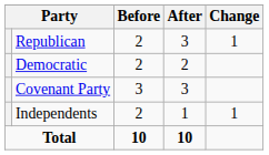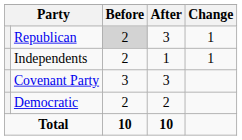 <table class="wikitable" style="text-align:center;">
 <tr>
 </tr>
 <tr>
 <th colspan=2>Party</th>
 <th>Before</th>
 <th>After</th>
 <th>Change</th>
 </tr>
 <tr>
 <th style="background-color:"></th>
 <td style="text-align:left;"><a href='#'>Republican</a></td>
-<td>2</td>
+<td style="background: lightgrey;">2</td>
 <td>3</td>
 <td> 1</td>
 </tr>
 <tr>
 <th style="background-color:"></th>
-<td style="text-align:left;"><a href='#'>Democratic</a></td>
+<td style="text-align:left;">Independents</td>
 <td>2</td>
-<td>2</td>
-<td></td>
+<td>1</td>
+<td> 1</td>
 </tr>
 <tr>
 <th style="background-color:"></th>
 <td style="text-align:left;"><a href='#'>Covenant Party</a></td>
 <td>3</td>
 <td>3</td>
 <td></td>
 </tr>
 <tr>
 <th style="background-color:"></th>
-<td style="text-align:left;">Independents</td>
+<td style="text-align:left;"><a href='#'>Democratic</a></td>
 <td>2</td>
-<td>1</td>
-<td> 1</td>
+<td>2</td>
+<td></td>
 </tr>
 <tr>
 <td colspan=2><strong>Total</strong></td>
 <td><strong>10</strong></td>
 <td><strong>10</strong></td>
 </tr>
 </table>
